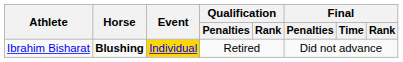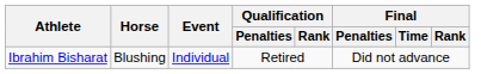 <table class="wikitable" style="font-size:90%">
 <tr>
 <th rowspan="2">Athlete</th>
 <th rowspan="2">Horse</th>
 <th rowspan="2">Event</th>
 <th colspan="2">Qualification</th>
 <th colspan="3">Final</th>
 </tr>
 <tr style="font-size:95%">
 <th>Penalties</th>
 <th>Rank</th>
 <th>Penalties</th>
 <th>Time</th>
 <th>Rank</th>
 </tr>
 <tr align=center>
 <td align=left><a href='#'>Ibrahim Bisharat</a></td>
-<td align=left><strong>Blushing</strong></td>
-<td align=left style="background: gold;"><a href='#'>Individual</a></td>
+<td align=left>Blushing</td>
+<td align=left><a href='#'>Individual</a></td>
 <td colspan="2">Retired</td>
 <td colspan="3">Did not advance</td>
 </tr>
 </table>
